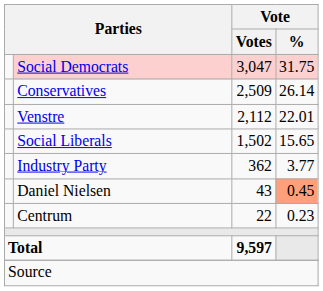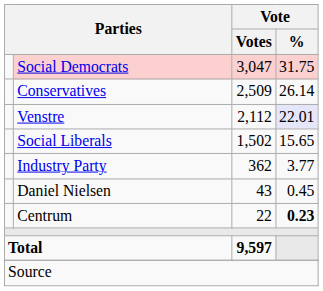 <table class="wikitable" style="text-align:right;">
 <tr>
 <th style="text-align:centre;" rowspan="2" colspan="2" width="225">Parties</th>
 <th colspan="3">Vote</th>
 </tr>
 <tr>
 <th width="15">Votes</th>
 <th width="15">%</th>
 </tr>
 <tr>
 <td width="2" style="color:inherit;background:"></td>
 <td bgcolor=#fbd0ce  align="left"><a href='#'>Social Democrats</a></td>
 <td bgcolor=#fbd0ce>3,047</td>
 <td bgcolor=#fbd0ce>31.75</td>
 </tr>
 <tr>
 <td width="2" style="color:inherit;background:"></td>
 <td align="left"><a href='#'>Conservatives</a></td>
 <td>2,509</td>
 <td>26.14</td>
 </tr>
 <tr>
 <td width="2" style="color:inherit;background:"></td>
 <td align="left"><a href='#'>Venstre</a></td>
 <td>2,112</td>
-<td>22.01</td>
+<td style="background: lavender;">22.01</td>
 </tr>
 <tr>
 <td width="2" style="color:inherit;background:"></td>
 <td align="left"><a href='#'>Social Liberals</a></td>
 <td>1,502</td>
 <td>15.65</td>
 </tr>
 <tr>
 <td width="2" style="color:inherit;background:"></td>
 <td align="left"><a href='#'>Industry Party</a></td>
 <td>362</td>
 <td>3.77</td>
 </tr>
 <tr>
 <td width="2" style="color:inherit;background:"></td>
 <td align="left">Daniel Nielsen</td>
 <td>43</td>
-<td style="background: lightsalmon;">0.45</td>
+<td>0.45</td>
 </tr>
 <tr>
 <td width="2" style="color:inherit;background:"></td>
 <td align="left">Centrum</td>
 <td>22</td>
-<td>0.23</td>
+<td><strong>0.23</strong></td>
 </tr>
 <tr>
 <td colspan="7" bgcolor="#E9E9E9"></td>
 </tr>
 <tr>
 <td align="left" colspan="2"><strong>Total</strong></td>
 <td><strong>9,597</strong></td>
 <td bgcolor="#E9E9E9" colspan="2"></td>
 </tr>
 <tr>
 </tr>
 <tr>
 <td align="left" colspan="6">Source</td>
 </tr>
 </table>
